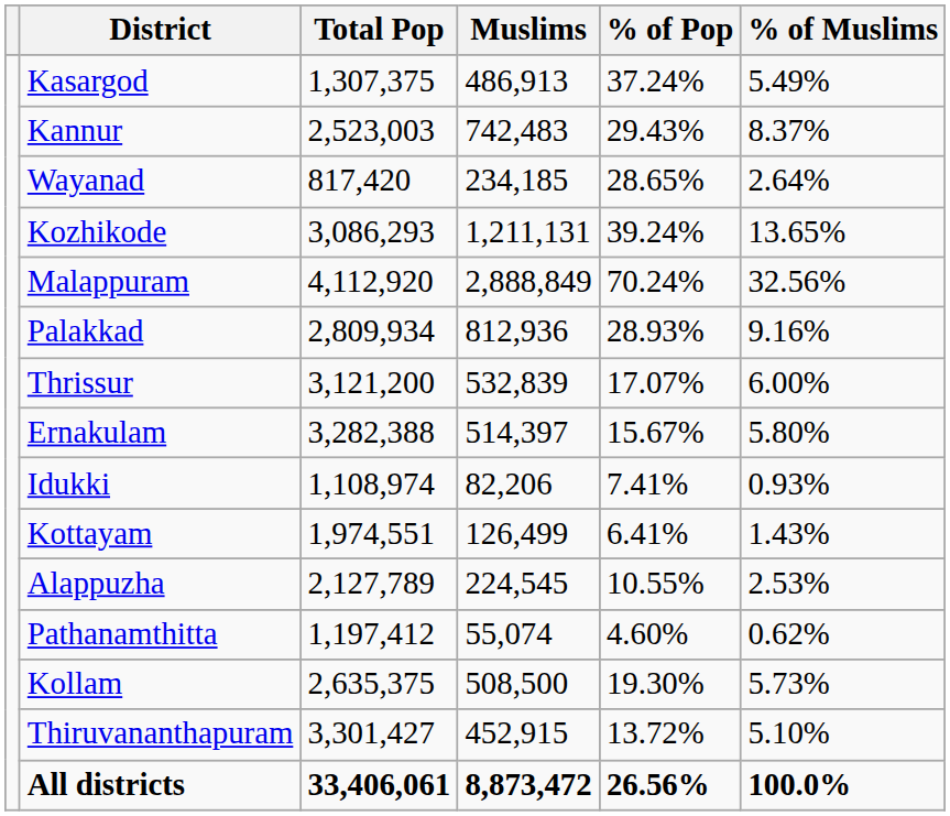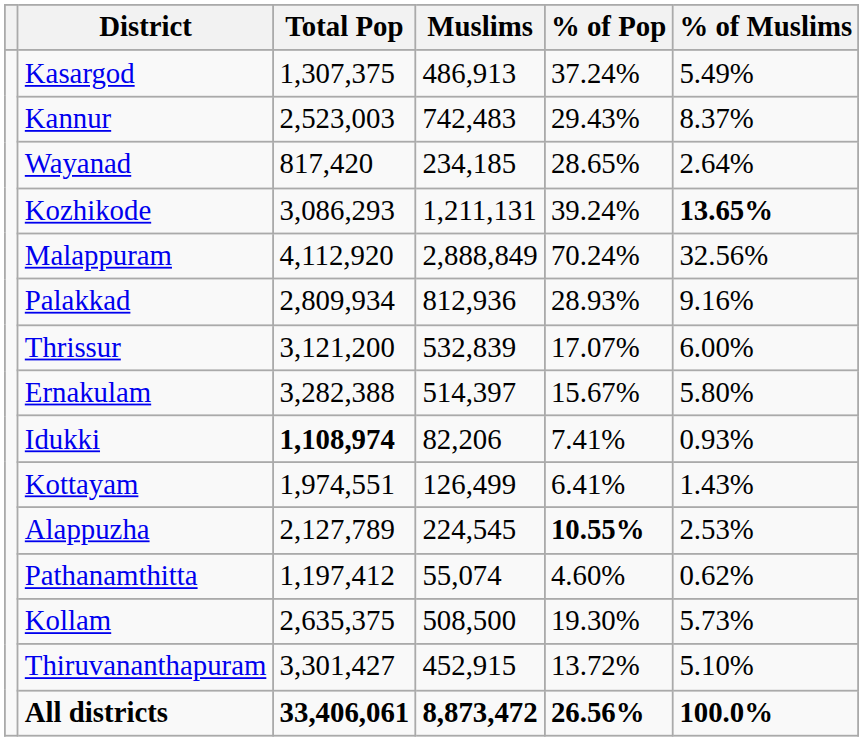 <table class="wikitable sortable">
 <tr>
 <th></th>
 <th><strong>District</strong></th>
 <th><strong>Total Pop</strong></th>
 <th><strong>Muslims</strong></th>
 <th><strong>% of Pop</strong></th>
 <th><strong>% of Muslims</strong></th>
 </tr>
 <tr>
 <td rowspan ="15"></td>
 <td><a href='#'>Kasargod</a></td>
 <td>1,307,375</td>
 <td>486,913</td>
 <td>37.24%</td>
 <td>5.49%</td>
 </tr>
 <tr>
 <td><a href='#'>Kannur</a></td>
 <td>2,523,003</td>
 <td>742,483</td>
 <td>29.43%</td>
 <td>8.37%</td>
 </tr>
 <tr>
 <td><a href='#'>Wayanad</a></td>
 <td>817,420</td>
 <td>234,185</td>
 <td>28.65%</td>
 <td>2.64%</td>
 </tr>
 <tr>
 <td><a href='#'>Kozhikode</a></td>
 <td>3,086,293</td>
 <td>1,211,131</td>
 <td>39.24%</td>
-<td>13.65%</td>
+<td><strong>13.65%</strong></td>
 </tr>
 <tr>
 <td><a href='#'>Malappuram</a></td>
 <td>4,112,920</td>
 <td>2,888,849</td>
 <td>70.24%</td>
 <td>32.56%</td>
 </tr>
 <tr>
 <td><a href='#'>Palakkad</a></td>
 <td>2,809,934</td>
 <td>812,936</td>
 <td>28.93%</td>
 <td>9.16%</td>
 </tr>
 <tr>
 <td><a href='#'>Thrissur</a></td>
 <td>3,121,200</td>
 <td>532,839</td>
 <td>17.07%</td>
 <td>6.00%</td>
 </tr>
 <tr>
 <td><a href='#'>Ernakulam</a></td>
 <td>3,282,388</td>
 <td>514,397</td>
 <td>15.67%</td>
 <td>5.80%</td>
 </tr>
 <tr>
 <td><a href='#'>Idukki</a></td>
-<td>1,108,974</td>
+<td><strong>1,108,974</strong></td>
 <td>82,206</td>
 <td>7.41%</td>
 <td>0.93%</td>
 </tr>
 <tr>
 <td><a href='#'>Kottayam</a></td>
 <td>1,974,551</td>
 <td>126,499</td>
 <td>6.41%</td>
 <td>1.43%</td>
 </tr>
 <tr>
 <td><a href='#'>Alappuzha</a></td>
 <td>2,127,789</td>
 <td>224,545</td>
-<td>10.55%</td>
+<td><strong>10.55%</strong></td>
 <td>2.53%</td>
 </tr>
 <tr>
 <td><a href='#'>Pathanamthitta</a></td>
 <td>1,197,412</td>
 <td>55,074</td>
 <td>4.60%</td>
 <td>0.62%</td>
 </tr>
 <tr>
 <td><a href='#'>Kollam</a></td>
 <td>2,635,375</td>
 <td>508,500</td>
 <td>19.30%</td>
 <td>5.73%</td>
 </tr>
 <tr>
 <td><a href='#'>Thiruvananthapuram</a></td>
 <td>3,301,427</td>
 <td>452,915</td>
 <td>13.72%</td>
 <td>5.10%</td>
 </tr>
 <tr>
 <td><strong>All districts</strong></td>
 <td><strong>33,406,061</strong></td>
 <td><strong>8,873,472</strong></td>
 <td><strong>26.56%</strong></td>
 <td><strong>100.0%</strong></td>
 </tr>
 </table>
